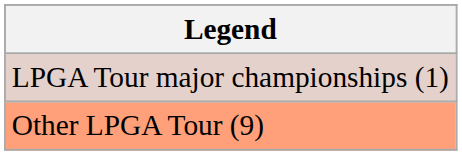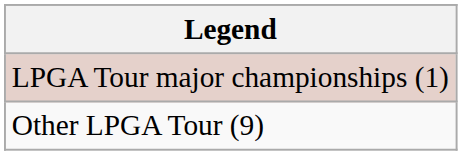 <table class="wikitable" style="font-size:95%;">
 <tr>
 <th>Legend</th>
 </tr>
 <tr style="background:#e5d1cb;">
 <td>LPGA Tour major championships (1)</td>
 </tr>
 <tr>
-<td style="background: lightsalmon;">Other LPGA Tour (9)</td>
+<td>Other LPGA Tour (9)</td>
 </tr>
 </table>
